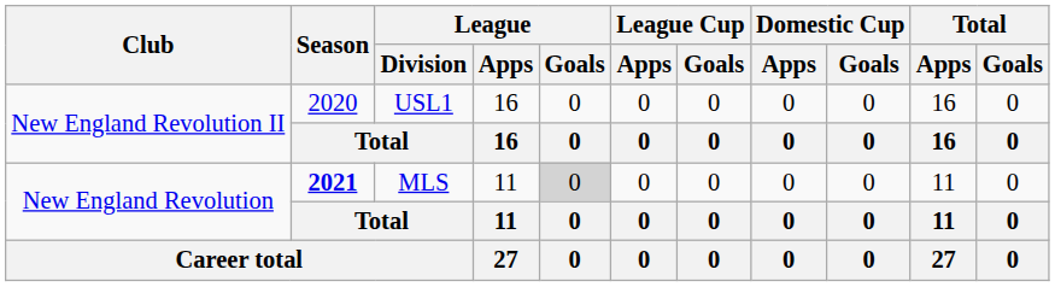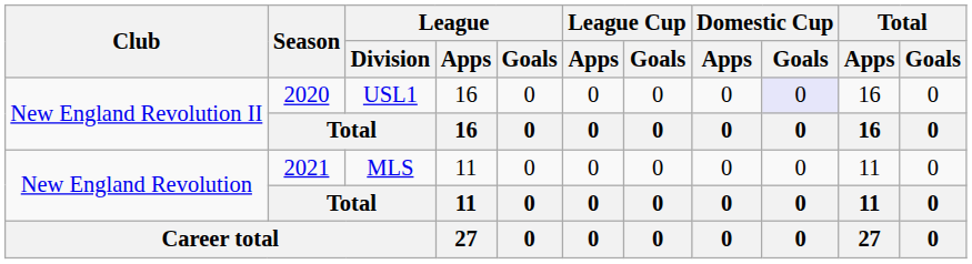 <table class="wikitable" style="text-align: center;">
 <tr>
 <th rowspan="2">Club</th>
 <th rowspan="2">Season</th>
 <th colspan="3">League</th>
 <th colspan="2">League Cup</th>
 <th colspan="2">Domestic Cup</th>
 <th colspan="2">Total</th>
 </tr>
 <tr>
 <th>Division</th>
 <th>Apps</th>
 <th>Goals</th>
 <th>Apps</th>
 <th>Goals</th>
 <th>Apps</th>
 <th>Goals</th>
 <th>Apps</th>
 <th>Goals</th>
 </tr>
 <tr>
 <td rowspan="2"><a href='#'>New England Revolution II</a> <br></td>
 <td><a href='#'>2020</a></td>
 <td rowspan="1"><a href='#'>USL1</a></td>
 <td>16</td>
 <td>0</td>
 <td>0</td>
 <td>0</td>
 <td>0</td>
-<td>0</td>
+<td style="background: lavender;">0</td>
 <td>16</td>
 <td>0</td>
 </tr>
 <tr>
 <th colspan="2">Total</th>
 <th>16</th>
 <th>0</th>
 <th>0</th>
 <th>0</th>
 <th>0</th>
 <th>0</th>
 <th>16</th>
 <th>0</th>
 </tr>
 <tr>
 <td rowspan="2"><a href='#'>New England Revolution</a></td>
-<td><strong><a href='#'>2021</a></strong></td>
+<td><a href='#'>2021</a></td>
 <td rowspan="1"><a href='#'>MLS</a></td>
 <td>11</td>
-<td style="background: lightgrey;">0</td>
+<td>0</td>
 <td>0</td>
 <td>0</td>
 <td>0</td>
 <td>0</td>
 <td>11</td>
 <td>0</td>
 </tr>
 <tr>
 <th colspan="2">Total</th>
 <th>11</th>
 <th>0</th>
 <th>0</th>
 <th>0</th>
 <th>0</th>
 <th>0</th>
 <th>11</th>
 <th>0</th>
 </tr>
 <tr>
 <th colspan="3">Career total</th>
 <th>27</th>
 <th>0</th>
 <th>0</th>
 <th>0</th>
 <th>0</th>
 <th>0</th>
 <th>27</th>
 <th>0</th>
 </tr>
 </table>
